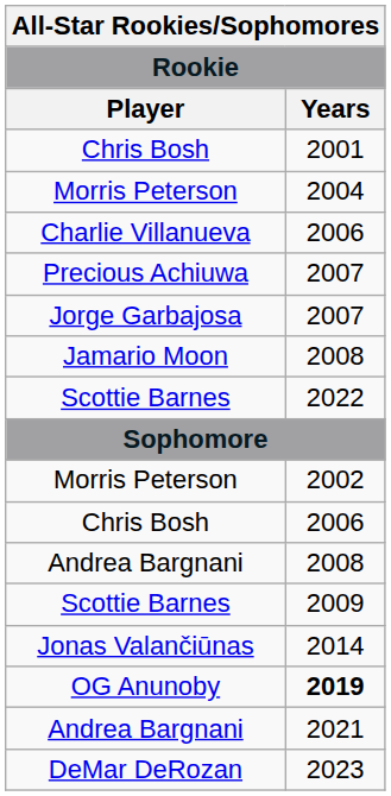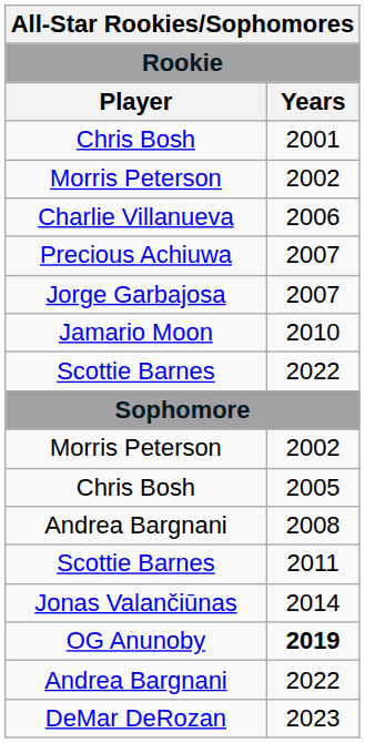 <table class="wikitable" style="text-align:center">
 <tr>
 <th colspan="2">All-Star Rookies/Sophomores</th>
 </tr>
 <tr>
 <th colspan="2" style="text-align:center; background:#A1A1A4; color:#061922;">Rookie</th>
 </tr>
 <tr>
 <th>Player</th>
 <th>Years</th>
 </tr>
 <tr>
 <td><a href='#'>Chris Bosh</a></td>
 <td>2001</td>
 </tr>
 <tr>
 <td><a href='#'>Morris Peterson</a></td>
-<td>2004</td>
+<td>2002</td>
 </tr>
 <tr>
 <td><a href='#'>Charlie Villanueva</a></td>
 <td>2006</td>
 </tr>
 <tr>
 <td><a href='#'>Precious Achiuwa</a></td>
 <td>2007</td>
 </tr>
 <tr>
 <td><a href='#'>Jorge Garbajosa</a></td>
 <td>2007</td>
 </tr>
 <tr>
 <td><a href='#'>Jamario Moon</a></td>
-<td>2008</td>
+<td>2010</td>
 </tr>
 <tr>
 <td><a href='#'>Scottie Barnes</a></td>
 <td>2022</td>
 </tr>
 <tr>
 <th colspan="2" style="text-align:center; background:#A1A1A4; color:#061922;">Sophomore</th>
 </tr>
 <tr>
 <td>Morris Peterson</td>
 <td>2002</td>
 </tr>
 <tr>
 <td>Chris Bosh</td>
-<td>2006</td>
+<td>2005</td>
 </tr>
 <tr>
 <td>Andrea Bargnani</td>
 <td>2008</td>
 </tr>
 <tr>
 <td><a href='#'>Scottie Barnes</a></td>
-<td>2009</td>
+<td>2011</td>
 </tr>
 <tr>
 <td><a href='#'>Jonas Valančiūnas</a></td>
 <td>2014</td>
 </tr>
 <tr>
 <td><a href='#'>OG Anunoby</a></td>
 <td><strong>2019</strong></td>
 </tr>
 <tr>
 <td><a href='#'>Andrea Bargnani</a></td>
-<td>2021</td>
+<td>2022</td>
 </tr>
 <tr>
 <td><a href='#'>DeMar DeRozan</a></td>
 <td>2023</td>
 </tr>
 </table>
